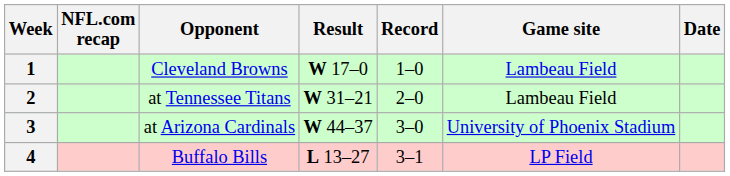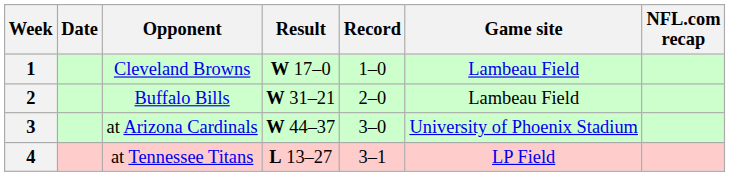 <table class="wikitable" style="text-align:center">
 <tr>
 <th>Week</th>
-<th>NFL.com<br>recap</th>
+<th>Date</th>
 <th>Opponent</th>
 <th>Result</th>
 <th>Record</th>
 <th>Game site</th>
-<th>Date</th>
+<th>NFL.com<br>recap</th>
 </tr>
 <tr style="text-align:center; background:#cfc;">
 <th style="text-align:center;">1</th>
 <td style="text-align:center;"></td>
 <td style="text-align:center;"><a href='#'>Cleveland Browns</a></td>
 <td style="text-align:center;"><strong>W</strong> 17–0</td>
 <td style="text-align:center;">1–0</td>
 <td style="text-align:center;"><a href='#'>Lambeau Field</a></td>
 <td style="text-align:center;"></td>
 </tr>
 <tr style="text-align:center; background:#cfc;">
 <th style="text-align:center;">2</th>
 <td style="text-align:center;"></td>
-<td style="text-align:center;">at <a href='#'>Tennessee Titans</a></td>
+<td style="text-align:center;"><a href='#'>Buffalo Bills</a></td>
 <td style="text-align:center;"><strong>W</strong> 31–21</td>
 <td style="text-align:center;">2–0</td>
 <td style="text-align:center;">Lambeau Field</td>
 <td style="text-align:center;"></td>
 </tr>
 <tr style="text-align:center; background:#cfc;">
 <th style="text-align:center;">3</th>
 <td style="text-align:center;"></td>
 <td style="text-align:center;">at <a href='#'>Arizona Cardinals</a></td>
 <td style="text-align:center;"><strong>W</strong> 44–37</td>
 <td style="text-align:center;">3–0</td>
 <td style="text-align:center;"><a href='#'>University of Phoenix Stadium</a></td>
 <td style="text-align:center;"></td>
 </tr>
 <tr style="text-align:center; background:#fcc;">
 <th style="text-align:center;">4</th>
 <td style="text-align:center;"></td>
-<td style="text-align:center;"><a href='#'>Buffalo Bills</a></td>
+<td style="text-align:center;">at <a href='#'>Tennessee Titans</a></td>
 <td style="text-align:center;"><strong>L</strong> 13–27</td>
 <td style="text-align:center;">3–1</td>
 <td style="text-align:center;"><a href='#'>LP Field</a></td>
 <td style="text-align:center;"></td>
 </tr>
 </table>
